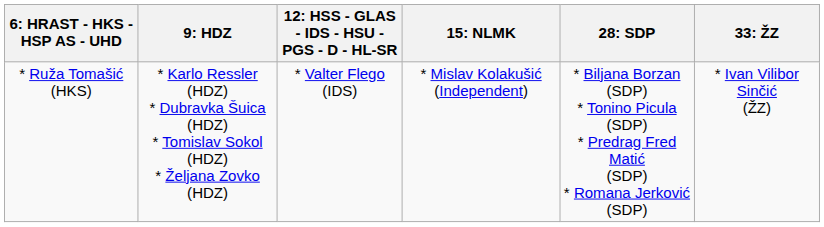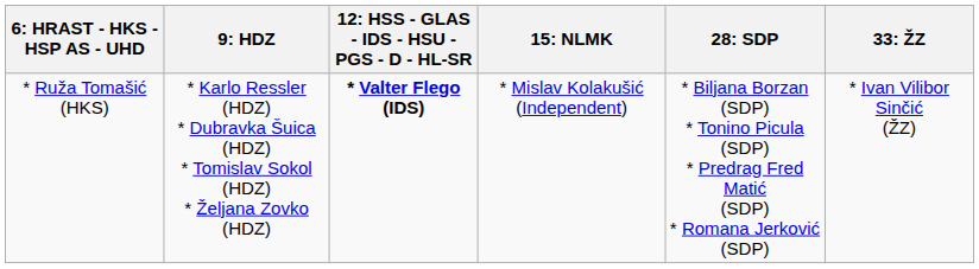 <table class="wikitable"  style="text-align:center;">
 <tr>
 <th>6: HRAST - HKS - HSP AS - UHD</th>
 <th>9: HDZ</th>
 <th>12: HSS - GLAS - IDS - HSU -PGS - D - HL-SR</th>
 <th>15: NLMK</th>
 <th>28: SDP</th>
 <th>33: ŽZ</th>
 </tr>
 <tr>
 <td style="width:16em;" valign="top">* <a href='#'>Ruža Tomašić</a><br> (HKS)</td>
 <td style="width:16em;" valign="top">* <a href='#'>Karlo Ressler</a><br> (HDZ)<br>* <a href='#'>Dubravka Šuica</a><br> (HDZ)<br>* <a href='#'>Tomislav Sokol</a><br> (HDZ)<br>* <a href='#'>Željana Zovko</a><br> (HDZ)</td>
-<td style="width:16em;" valign="top">* <a href='#'>Valter Flego</a><br> (IDS)</td>
+<td style="width:16em;" valign="top"><strong>* <a href='#'>Valter Flego</a><br> (IDS)</strong></td>
 <td style="width:16em;" valign="top">* <a href='#'>Mislav Kolakušić</a><br> (<a href='#'>Independent</a>)</td>
 <td style="width:16em;" valign="top">* <a href='#'>Biljana Borzan</a><br> (SDP)<br>* <a href='#'>Tonino Picula</a><br> (SDP)<br>* <a href='#'>Predrag Fred Matić</a><br> (SDP)<br>* <a href='#'>Romana Jerković</a><br> (SDP)</td>
 <td style="width:16em;" valign="top">* <a href='#'>Ivan Vilibor Sinčić</a><br> (ŽZ)</td>
 </tr>
 </table>
